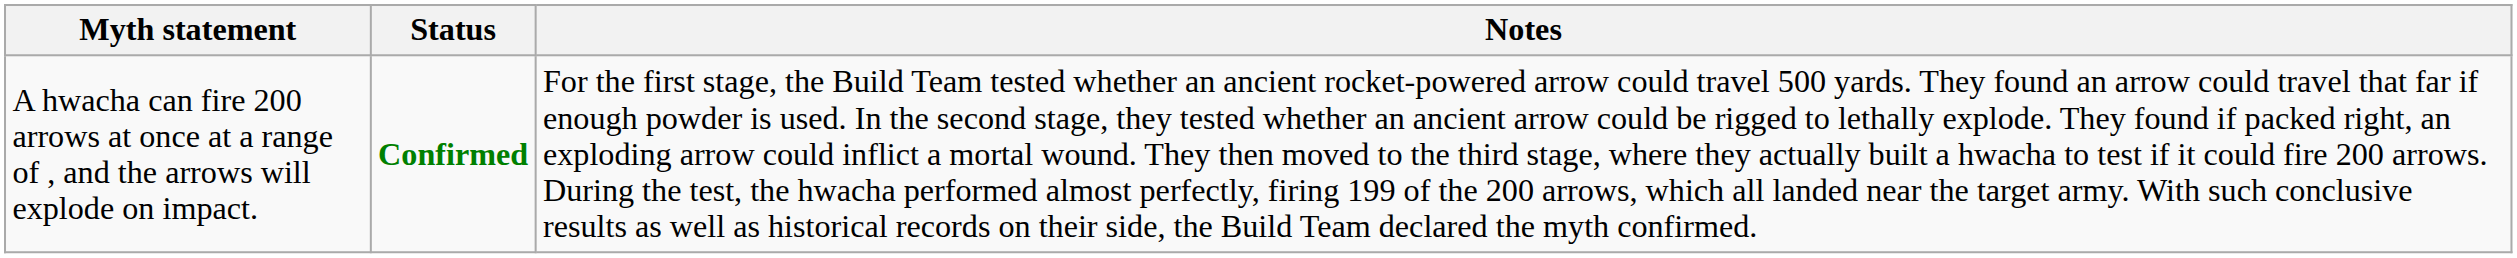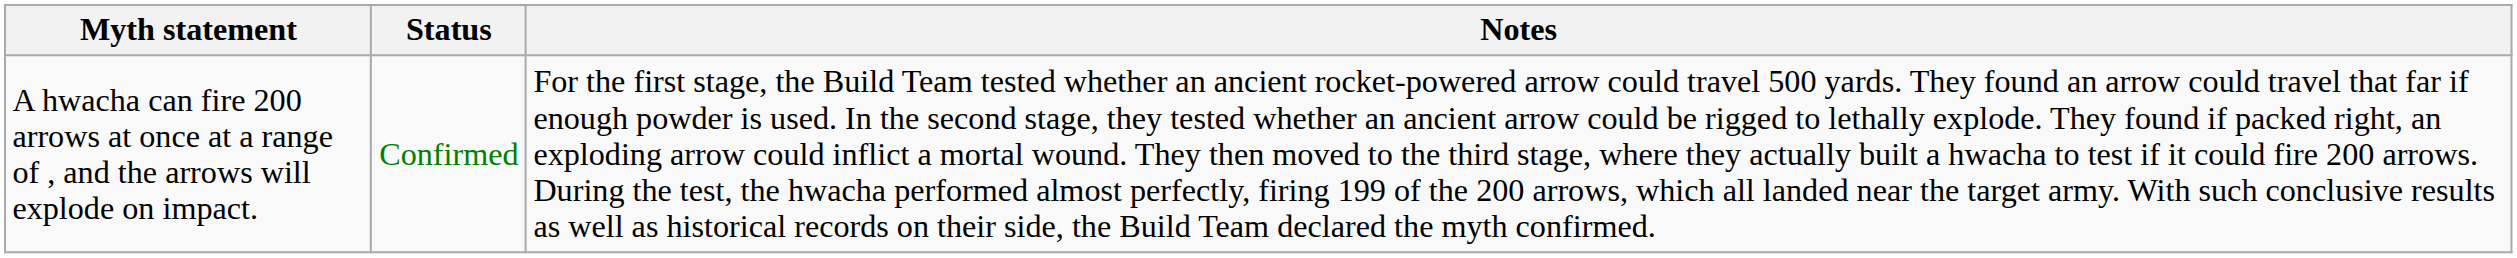 <table class="wikitable plainrowheaders">
 <tr>
 <th>Myth statement</th>
 <th>Status</th>
 <th>Notes</th>
 </tr>
 <tr>
 <td>A hwacha can fire 200 arrows at once at a range of , and the arrows will explode on impact.</td>
-<td style="color:green"><strong>Confirmed</strong></td>
+<td style="color:green">Confirmed</td>
 <td>For the first stage, the Build Team tested whether an ancient rocket-powered arrow could travel 500 yards. They found an arrow could travel that far if enough powder is used. In the second stage, they tested whether an ancient arrow could be rigged to lethally explode. They found if packed right, an exploding arrow could inflict a mortal wound. They then moved to the third stage, where they actually built a hwacha to test if it could fire 200 arrows. During the test, the hwacha performed almost perfectly, firing 199 of the 200 arrows, which all landed near the target army. With such conclusive results as well as historical records on their side, the Build Team declared the myth confirmed.</td>
 </tr>
 </table>
